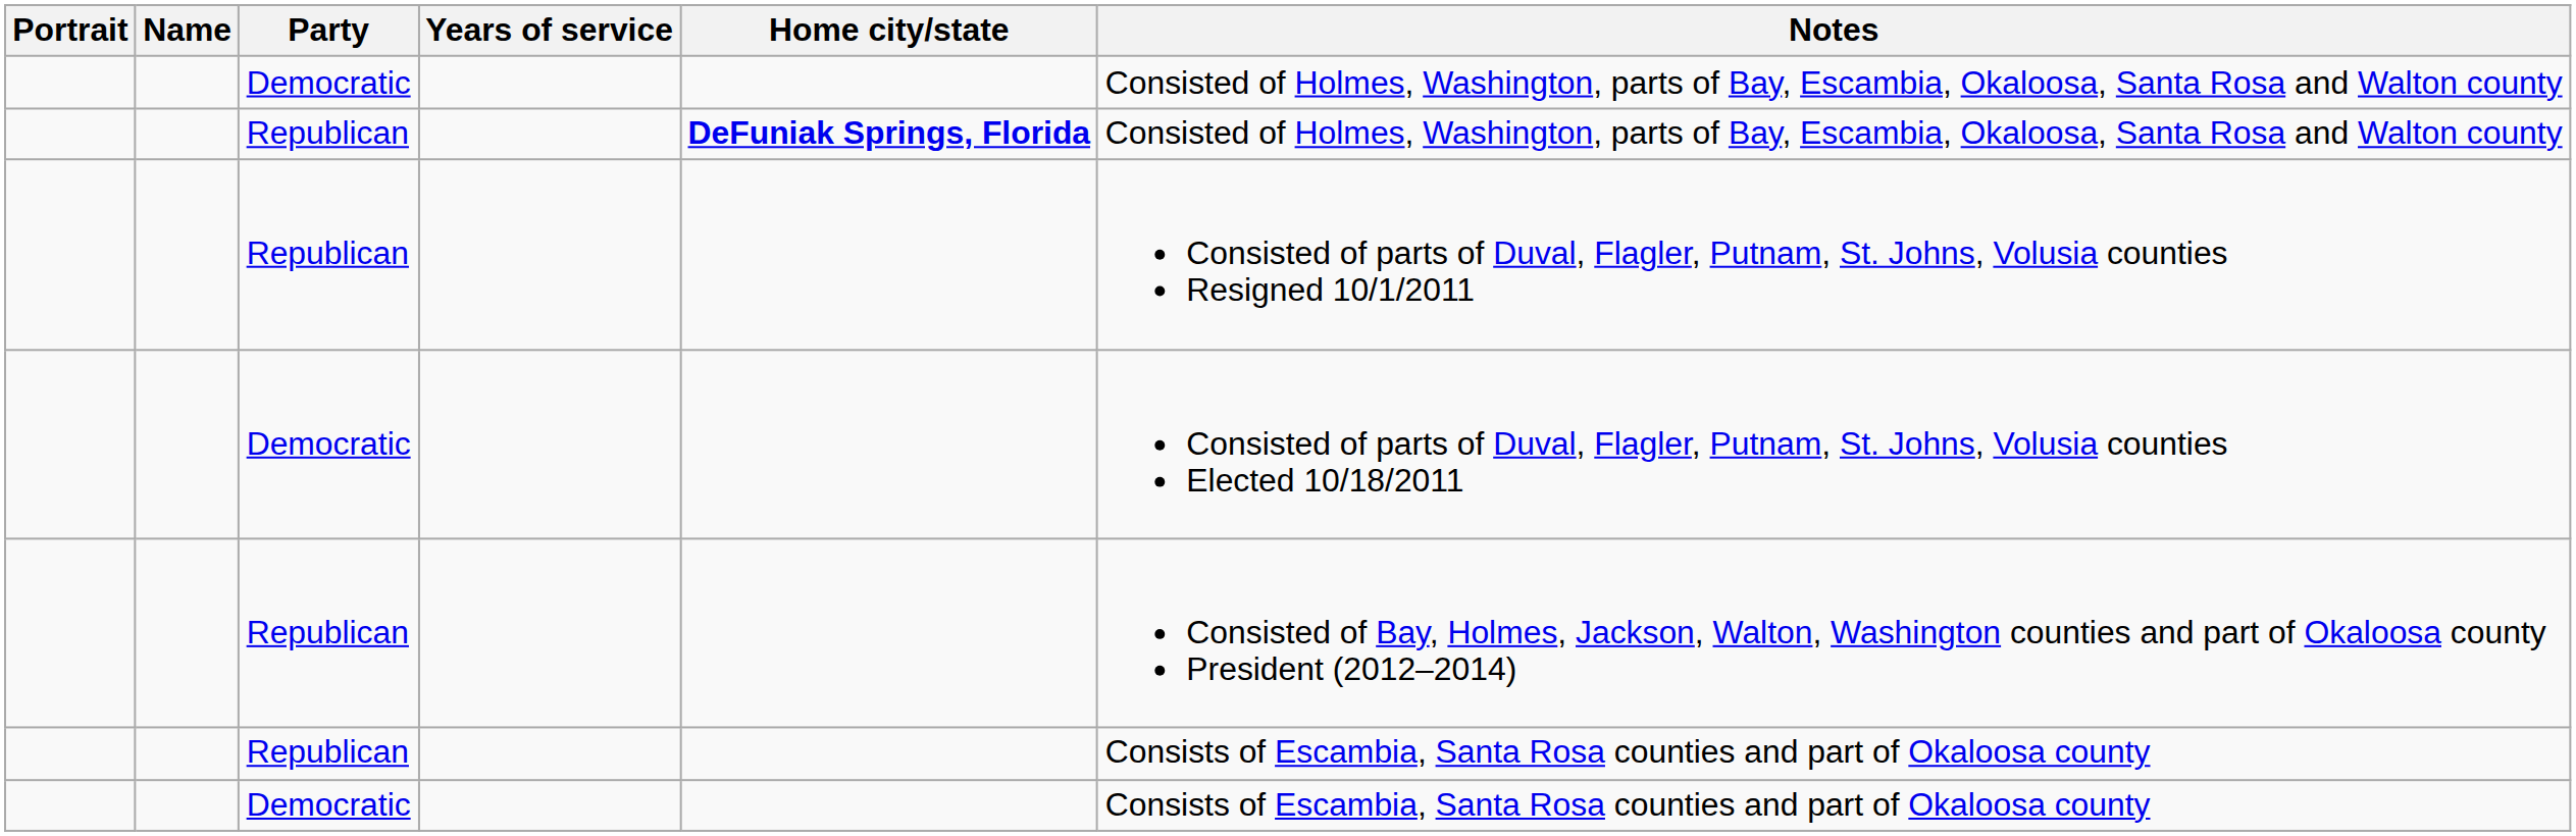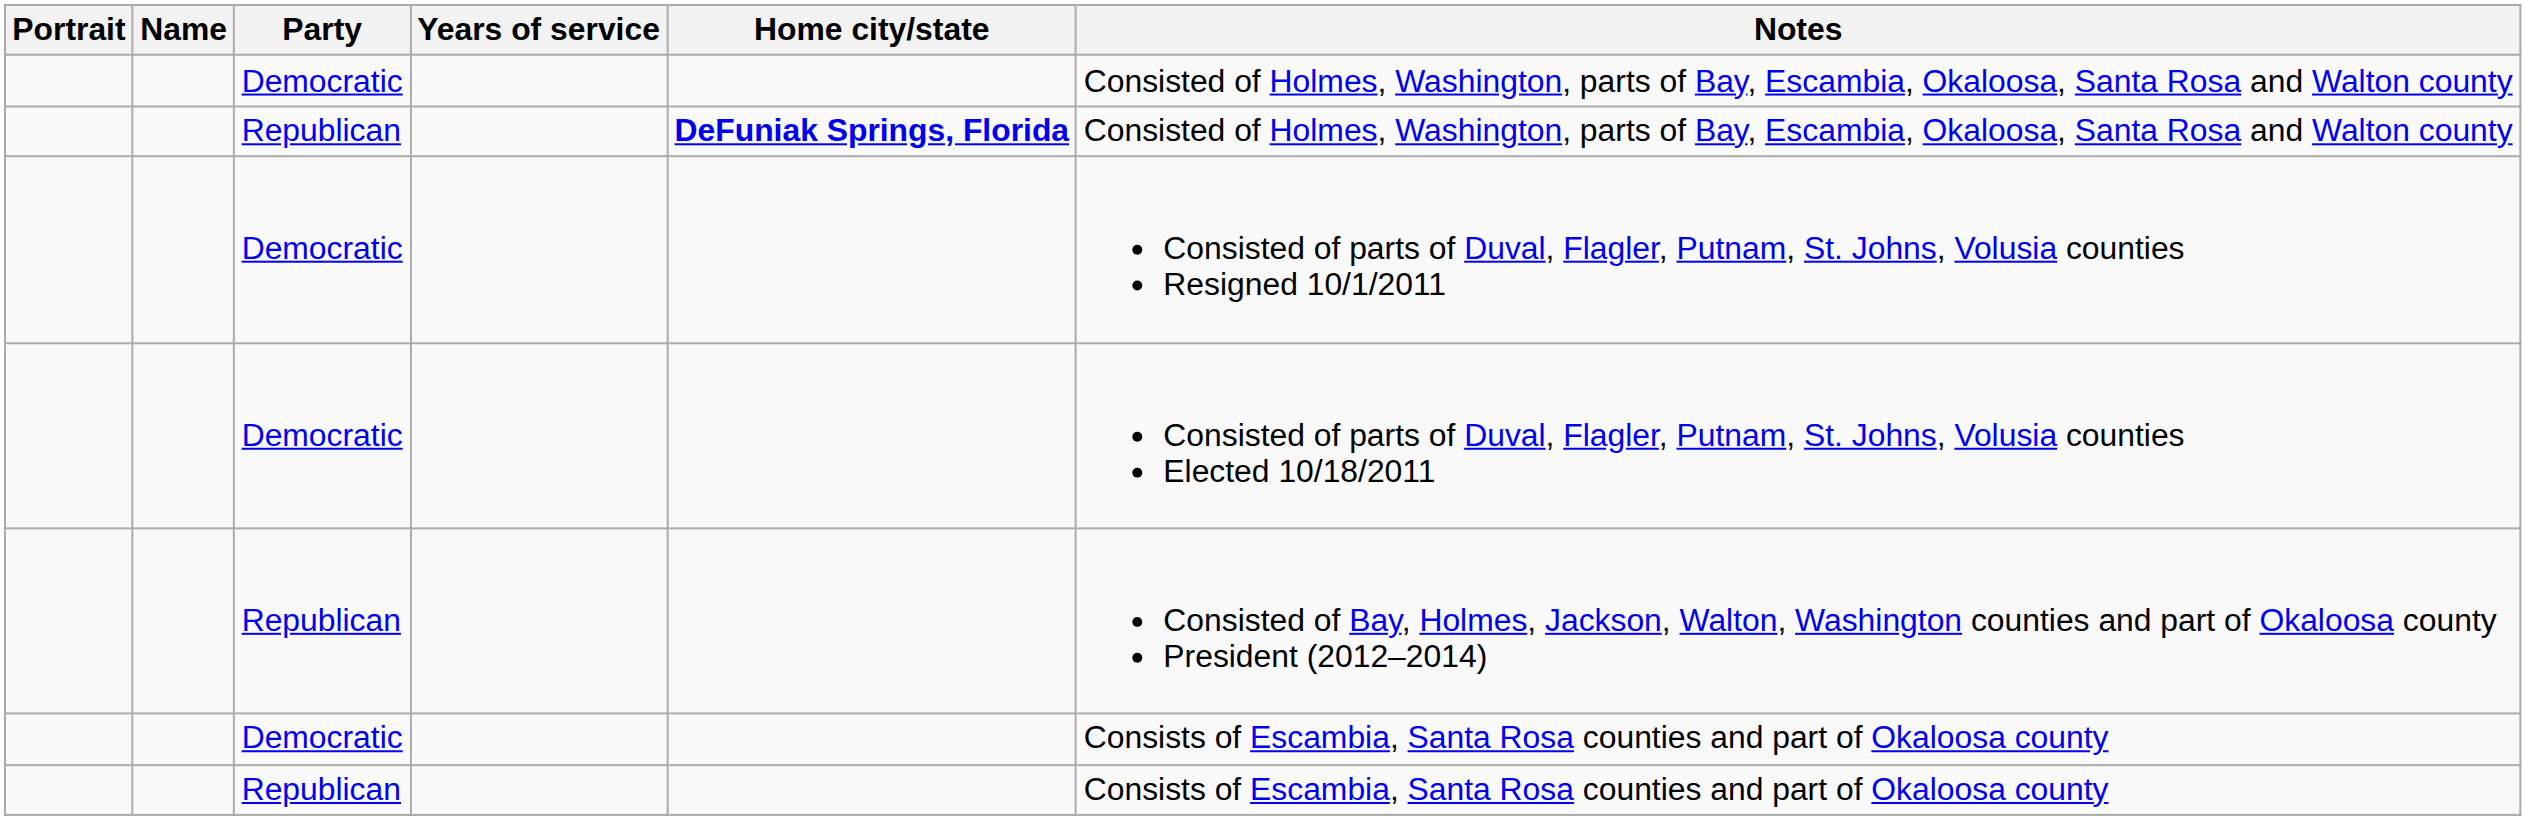 <table class="wikitable sortable">
 <tr>
 <th>Portrait</th>
 <th>Name</th>
 <th>Party</th>
 <th>Years of service</th>
 <th>Home city/state</th>
 <th>Notes</th>
 </tr>
 <tr>
 <td></td>
 <td></td>
 <td><a href='#'>Democratic</a></td>
 <td></td>
 <td></td>
 <td>Consisted of <a href='#'>Holmes</a>, <a href='#'>Washington</a>, parts of <a href='#'>Bay</a>, <a href='#'>Escambia</a>, <a href='#'>Okaloosa</a>, <a href='#'>Santa Rosa</a> and <a href='#'>Walton county</a></td>
 </tr>
 <tr>
 <td></td>
 <td></td>
 <td><a href='#'>Republican</a></td>
 <td></td>
 <td><strong><a href='#'>DeFuniak Springs, Florida</a></strong></td>
 <td>Consisted of <a href='#'>Holmes</a>, <a href='#'>Washington</a>, parts of <a href='#'>Bay</a>, <a href='#'>Escambia</a>, <a href='#'>Okaloosa</a>, <a href='#'>Santa Rosa</a> and <a href='#'>Walton county</a></td>
 </tr>
 <tr>
 <td></td>
 <td></td>
-<td><a href='#'>Republican</a></td>
+<td><a href='#'>Democratic</a></td>
 <td></td>
 <td></td>
 <td><br><ul><li>Consisted of parts of <a href='#'>Duval</a>, <a href='#'>Flagler</a>, <a href='#'>Putnam</a>, <a href='#'>St. Johns</a>, <a href='#'>Volusia</a> counties</li><li>Resigned 10/1/2011</li></ul></td>
 </tr>
 <tr>
 <td></td>
 <td></td>
 <td><a href='#'>Democratic</a></td>
 <td></td>
 <td></td>
 <td><br><ul><li>Consisted of parts of <a href='#'>Duval</a>, <a href='#'>Flagler</a>, <a href='#'>Putnam</a>, <a href='#'>St. Johns</a>, <a href='#'>Volusia</a> counties</li><li>Elected 10/18/2011</li></ul></td>
 </tr>
 <tr>
 <td></td>
 <td></td>
 <td><a href='#'>Republican</a></td>
 <td></td>
 <td></td>
 <td><br><ul><li>Consisted of <a href='#'>Bay</a>, <a href='#'>Holmes</a>, <a href='#'>Jackson</a>, <a href='#'>Walton</a>, <a href='#'>Washington</a> counties and part of <a href='#'>Okaloosa</a> county</li><li>President (2012–2014)</li></ul></td>
 </tr>
 <tr>
 <td></td>
 <td></td>
-<td><a href='#'>Republican</a></td>
+<td><a href='#'>Democratic</a></td>
 <td></td>
 <td></td>
 <td>Consists of <a href='#'>Escambia</a>, <a href='#'>Santa Rosa</a> counties and part of <a href='#'>Okaloosa county</a></td>
 </tr>
 <tr>
 <td></td>
 <td></td>
-<td><a href='#'>Democratic</a></td>
+<td><a href='#'>Republican</a></td>
 <td></td>
 <td></td>
 <td>Consists of <a href='#'>Escambia</a>, <a href='#'>Santa Rosa</a> counties and part of <a href='#'>Okaloosa county</a></td>
 </tr>
 </table>
